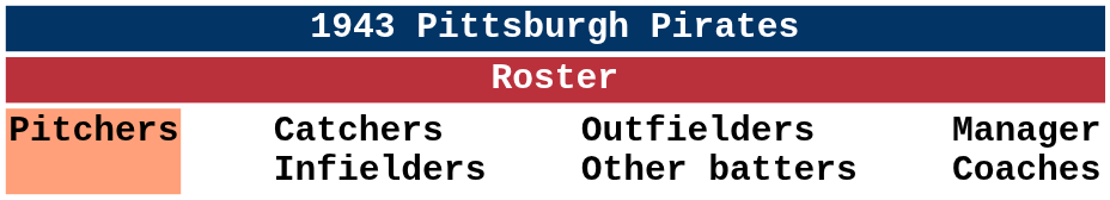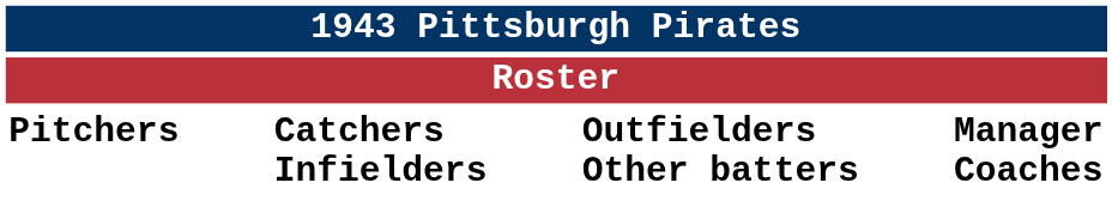 <table class="toccolours" style="font-size: 95%;">
 <tr>
 <th colspan="10" style="background-color: #023465; color: white; text-align: center;">1943 Pittsburgh Pirates</th>
 </tr>
 <tr>
 <td colspan="10" style="background-color: #ba313c; color: white; text-align: center;"><strong>Roster</strong></td>
 </tr>
 <tr>
-<td valign="top" style="background: lightsalmon;"><strong>Pitchers</strong><br>             </td>
+<td valign="top"><strong>Pitchers</strong><br>             </td>
 <td width="25px"></td>
 <td valign="top"><strong>Catchers</strong><br>   <strong>Infielders</strong>       </td>
 <td width="25px"></td>
 <td valign="top"><strong>Outfielders</strong><br>       <strong>Other batters</strong> </td>
 <td width="25px"></td>
 <td valign="top"><strong>Manager</strong><br> <strong>Coaches</strong>   </td>
 </tr>
 </table>
